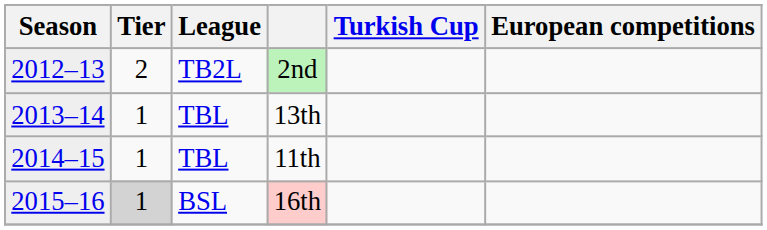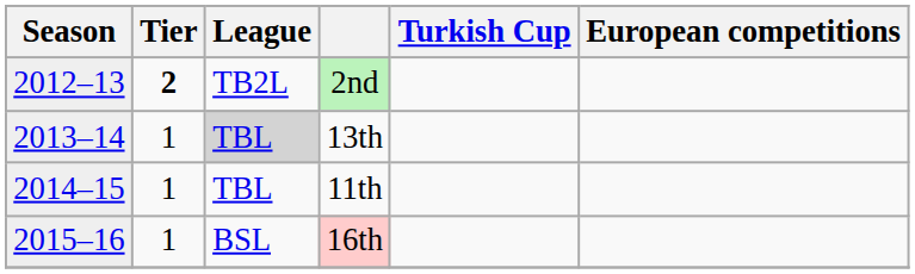 <table class="wikitable" style="font-size:85%">
 <tr>
 <th>Season</th>
 <th>Tier</th>
 <th>League</th>
 <th></th>
 <th><a href='#'>Turkish Cup</a></th>
 <th colspan=2>European competitions</th>
 </tr>
 <tr>
 <td style="background:#efefef;"><a href='#'>2012–13</a></td>
-<td align="center">2</td>
+<td align="center"><strong>2</strong></td>
 <td><a href='#'>TB2L</a></td>
 <td style="background:#BBF3BB;"  align="center">2nd</td>
 <td></td>
 <td colspan=2></td>
 </tr>
 <tr>
 <td style="background:#efefef;"><a href='#'>2013–14</a></td>
 <td align="center">1</td>
-<td><a href='#'>TBL</a></td>
+<td style="background: lightgrey;"><a href='#'>TBL</a></td>
 <td align="center">13th</td>
 <td></td>
 <td colspan=2></td>
 </tr>
 <tr>
 <td style="background:#efefef;"><a href='#'>2014–15</a></td>
 <td align="center">1</td>
 <td><a href='#'>TBL</a></td>
 <td align="center">11th</td>
 <td></td>
 <td colspan=2></td>
 </tr>
 <tr>
 <td style="background:#efefef;"><a href='#'>2015–16</a></td>
-<td align="center" style="background: lightgrey;">1</td>
+<td align="center">1</td>
 <td><a href='#'>BSL</a></td>
 <td bgcolor=#FFCCCC align="center">16th</td>
 <td></td>
 <td colspan=2></td>
 </tr>
 <tr>
 </tr>
 </table>
